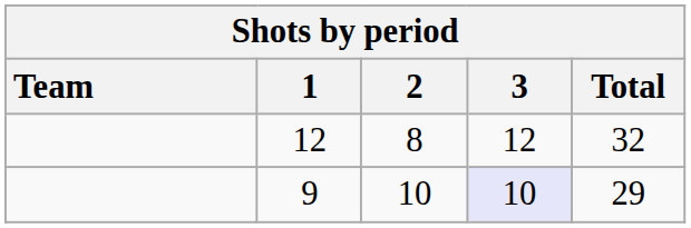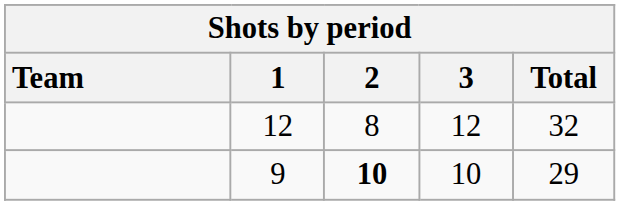 <table class="wikitable" style="width:20em; text-align:right;">
 <tr>
 <th colspan="6">Shots by period</th>
 </tr>
 <tr>
 <th style="width:8em; text-align:left;">Team</th>
 <th style="width:3em;">1</th>
 <th style="width:3em;">2</th>
 <th style="width:3em;">3</th>
 <th style="width:3em;">Total</th>
 </tr>
 <tr style="text-align:center;">
 <td style="text-align:left;"></td>
 <td>12</td>
 <td>8</td>
 <td>12</td>
 <td>32</td>
 </tr>
 <tr style="text-align:center;">
 <td style="text-align:left;"></td>
 <td>9</td>
+<td><strong>10</strong></td>
 <td>10</td>
-<td style="background: lavender;">10</td>
 <td>29</td>
 </tr>
 </table>
